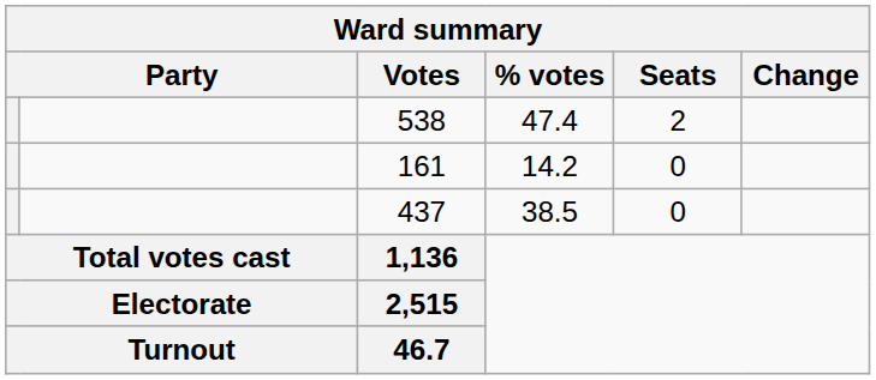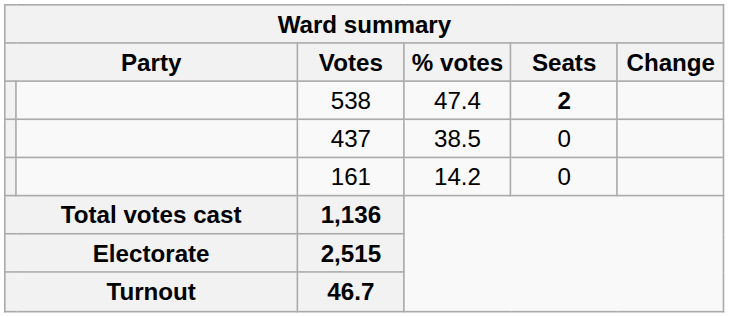 <table class="wikitable" style="font-size: 95%;">
 <tr style="background-color:#E9E9E9">
 <th colspan="6">Ward summary</th>
 </tr>
 <tr style="background-color:#E9E9E9">
 <th colspan="2">Party</th>
 <th style="width: 60px">Votes</th>
 <th style="width: 60px">% votes</th>
 <th style="width: 60px">Seats</th>
 <th style="width: 60px">Change</th>
 </tr>
 <tr>
 <th style="background-color: "></th>
 <td style="width: 170px"><a href='#'></a></td>
 <td align="center">538</td>
 <td align="center">47.4</td>
-<td align="center">2</td>
+<td align="center"><strong>2</strong></td>
+<td align="center"></td>
+</tr>
+<tr>
+<th style="background-color: "></th>
+<td style="width: 170px"><a href='#'></a></td>
+<td align="center">437</td>
+<td align="center">38.5</td>
+<td align="center">0</td>
 <td align="center"></td>
 </tr>
 <tr>
 <th style="background-color: "></th>
 <td style="width: 170px"><a href='#'></a></td>
 <td align="center">161</td>
 <td align="center">14.2</td>
-<td align="center">0</td>
-<td align="center"></td>
-</tr>
-<tr>
-<th style="background-color: "></th>
-<td style="width: 170px"><a href='#'></a></td>
-<td align="center">437</td>
-<td align="center">38.5</td>
 <td align="center">0</td>
 <td align="center"></td>
 </tr>
 <tr style="background-color:#E9E9E9">
 <th colspan="2">Total votes cast</th>
 <th style="width: 60px">1,136</th>
 </tr>
 <tr style="background-color:#E9E9E9">
 <th colspan="2">Electorate</th>
 <th style="width: 60px">2,515</th>
 </tr>
 <tr style="background-color:#E9E9E9">
 <th colspan="2">Turnout</th>
 <th style="width: 60px">46.7</th>
 </tr>
 </table>
